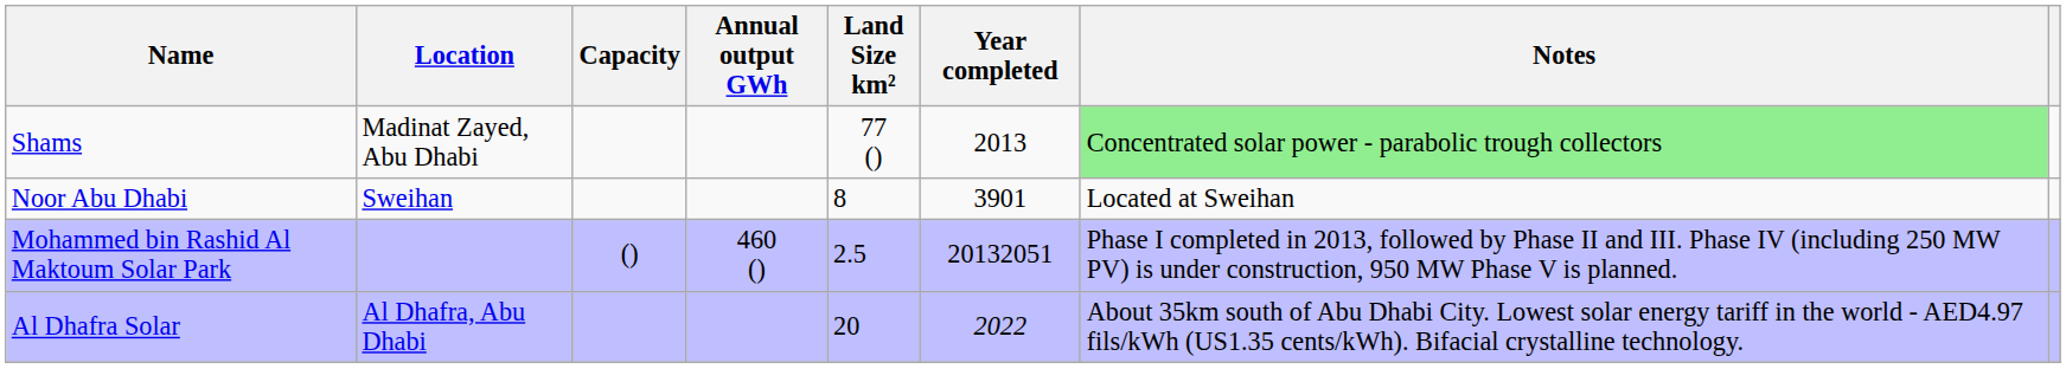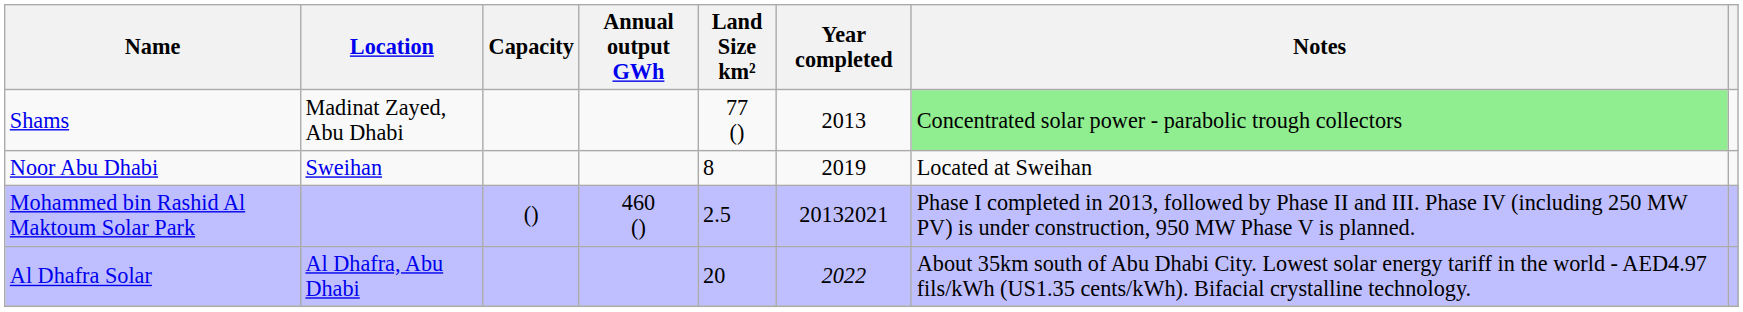 <table class="wikitable sortable">
 <tr>
 <th>Name</th>
 <th><a href='#'>Location</a></th>
 <th data-sort-type="number">Capacity<br></th>
 <th data-sort-type="number">Annual output<br><a href='#'>GWh</a></th>
 <th>Land<br>Size km²</th>
 <th data-sort-type="number">Year completed</th>
 <th class="unsortable">Notes</th>
 <th class="unsortable"></th>
 </tr>
 <tr>
 <td><a href='#'>Shams</a></td>
 <td>Madinat Zayed, Abu Dhabi</td>
 <td align="center"></td>
 <td></td>
 <td align="center">77<br>()</td>
 <td align="center">2013</td>
 <td style="background: lightgreen;">Concentrated solar power - parabolic trough collectors</td>
 <td></td>
 </tr>
 <tr>
 <td><a href='#'>Noor Abu Dhabi</a></td>
 <td><a href='#'>Sweihan</a></td>
 <td align="center"></td>
 <td align="center"></td>
 <td>8</td>
-<td align="center">3901</td>
+<td align="center">2019</td>
 <td>Located at Sweihan</td>
 <td></td>
 </tr>
 <tr bgcolor="#BFBFFF">
 <td><a href='#'>Mohammed bin Rashid Al Maktoum Solar Park</a></td>
 <td></td>
 <td align="center"> ()</td>
 <td align="center">460<br>()</td>
 <td>2.5</td>
-<td align="center">20132051</td>
+<td align="center">20132021</td>
 <td>Phase I completed in 2013, followed by Phase II and III. Phase IV (including 250 MW PV) is under construction, 950 MW Phase V is planned.</td>
 <td></td>
 </tr>
 <tr bgcolor="#BFBFFF">
 <td><a href='#'>Al Dhafra Solar</a></td>
 <td><a href='#'>Al Dhafra, Abu Dhabi</a></td>
 <td align="center"></td>
 <td align="center"></td>
 <td>20</td>
 <td align="center"><em>2022</em></td>
 <td>About 35km south of Abu Dhabi City. Lowest solar energy tariff in the world - AED4.97 fils/kWh (US1.35 cents/kWh). Bifacial crystalline technology.</td>
 <td></td>
 </tr>
 <tr>
 </tr>
 </table>
